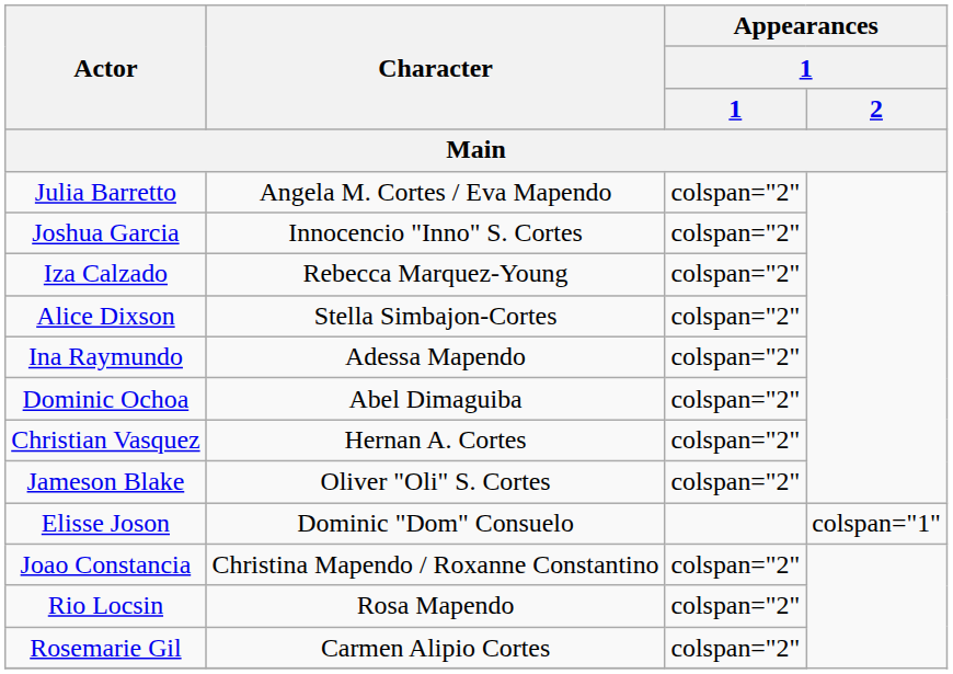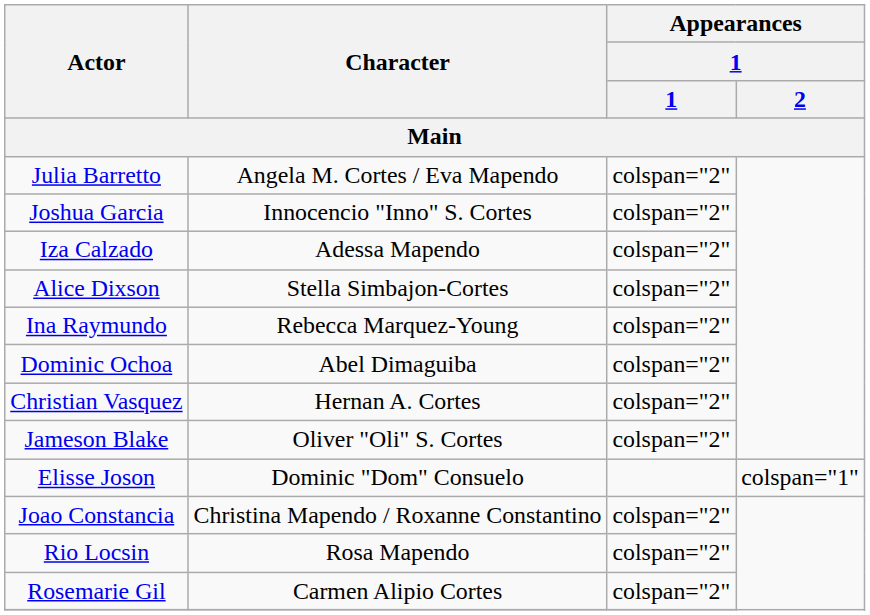 <table class="wikitable plainrowheaders" style="text-align:center;">
 <tr>
 <th scope="col" rowspan="3">Actor</th>
 <th scope="col" rowspan="3">Character</th>
 <th scope="col" colspan="4">Appearances</th>
 </tr>
 <tr>
 <th colspan="2"><a href='#'>1</a></th>
 </tr>
 <tr>
 <th scope="col" style="width:70px;"><a href='#'>1</a></th>
 <th scope="col" style="width:70px;"><a href='#'>2</a></th>
 </tr>
 <tr>
 <th colspan="6">Main</th>
 </tr>
 <tr>
 <td><a href='#'>Julia Barretto</a></td>
 <td>Angela M. Cortes / Eva Mapendo</td>
 <td>colspan="2" </td>
 </tr>
 <tr>
 <td><a href='#'>Joshua Garcia</a></td>
 <td>Innocencio "Inno" S. Cortes</td>
 <td>colspan="2" </td>
 </tr>
 <tr>
 <td><a href='#'>Iza Calzado</a></td>
-<td>Rebecca Marquez-Young</td>
+<td>Adessa Mapendo</td>
 <td>colspan="2" </td>
 </tr>
 <tr>
 <td><a href='#'>Alice Dixson</a></td>
 <td>Stella Simbajon-Cortes</td>
 <td>colspan="2" </td>
 </tr>
 <tr>
 <td><a href='#'>Ina Raymundo</a></td>
-<td>Adessa Mapendo</td>
+<td>Rebecca Marquez-Young</td>
 <td>colspan="2" </td>
 </tr>
 <tr>
 <td><a href='#'>Dominic Ochoa</a></td>
 <td>Abel Dimaguiba</td>
 <td>colspan="2" </td>
 </tr>
 <tr>
 <td><a href='#'>Christian Vasquez</a></td>
 <td>Hernan A. Cortes</td>
 <td>colspan="2" </td>
 </tr>
 <tr>
 <td><a href='#'>Jameson Blake</a></td>
 <td>Oliver "Oli" S. Cortes</td>
 <td>colspan="2" </td>
 </tr>
 <tr>
 <td><a href='#'>Elisse Joson</a></td>
 <td>Dominic "Dom" Consuelo</td>
 <td></td>
 <td>colspan="1" </td>
 </tr>
 <tr>
 <td><a href='#'>Joao Constancia</a></td>
 <td>Christina Mapendo / Roxanne Constantino</td>
 <td>colspan="2" </td>
 </tr>
 <tr>
 <td><a href='#'>Rio Locsin</a></td>
 <td>Rosa Mapendo</td>
 <td>colspan="2" </td>
 </tr>
 <tr>
 <td><a href='#'>Rosemarie Gil</a></td>
 <td>Carmen Alipio Cortes</td>
 <td>colspan="2" </td>
 </tr>
 <tr>
 </tr>
 </table>
